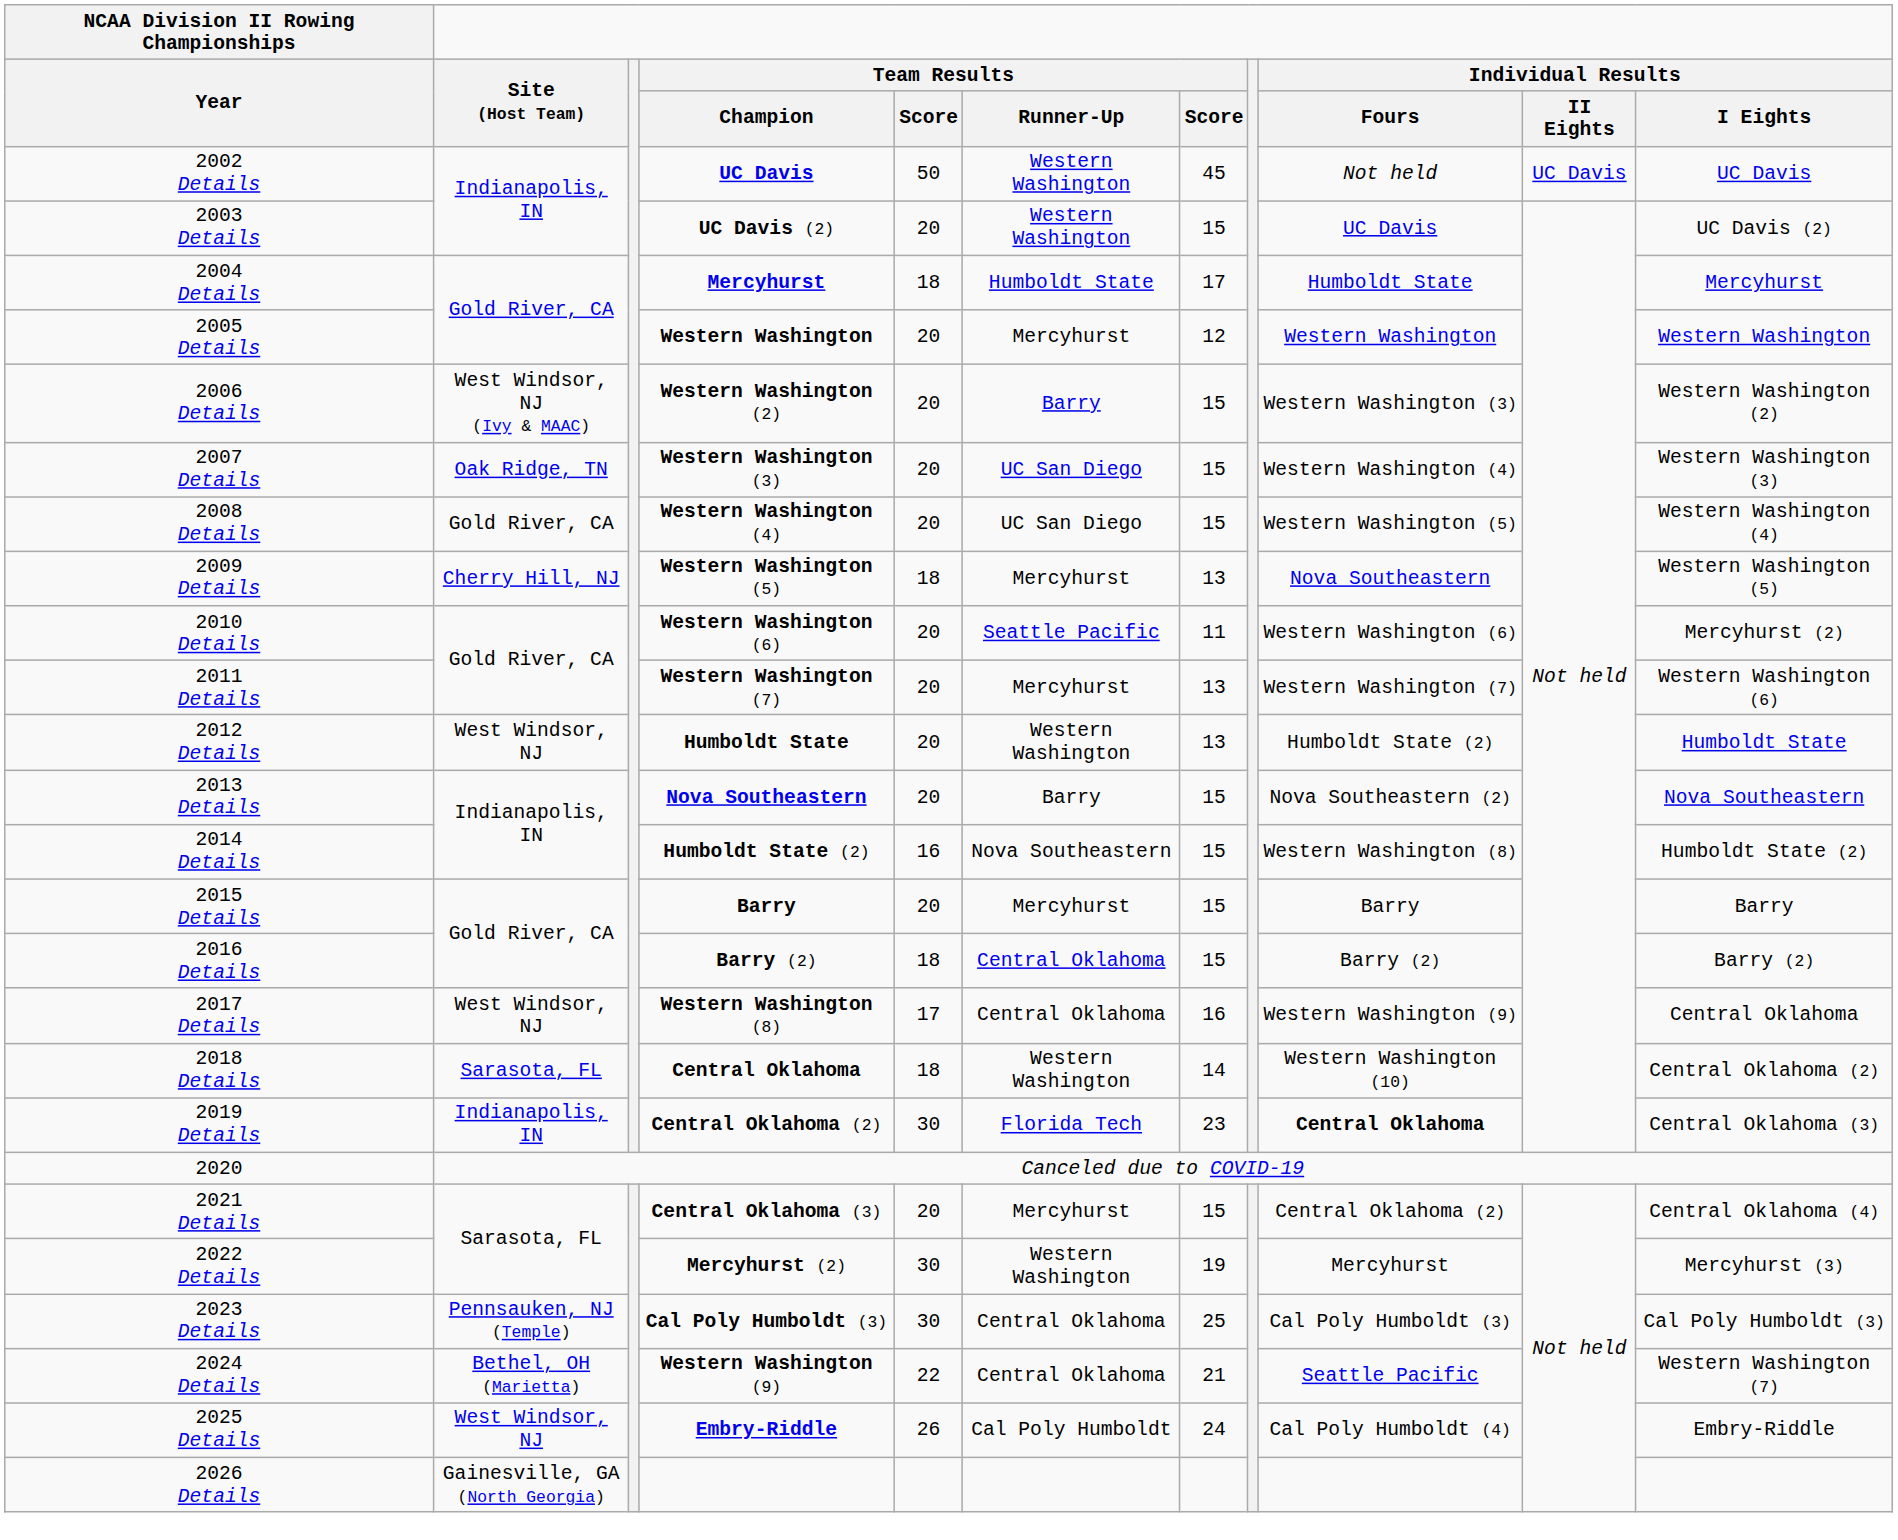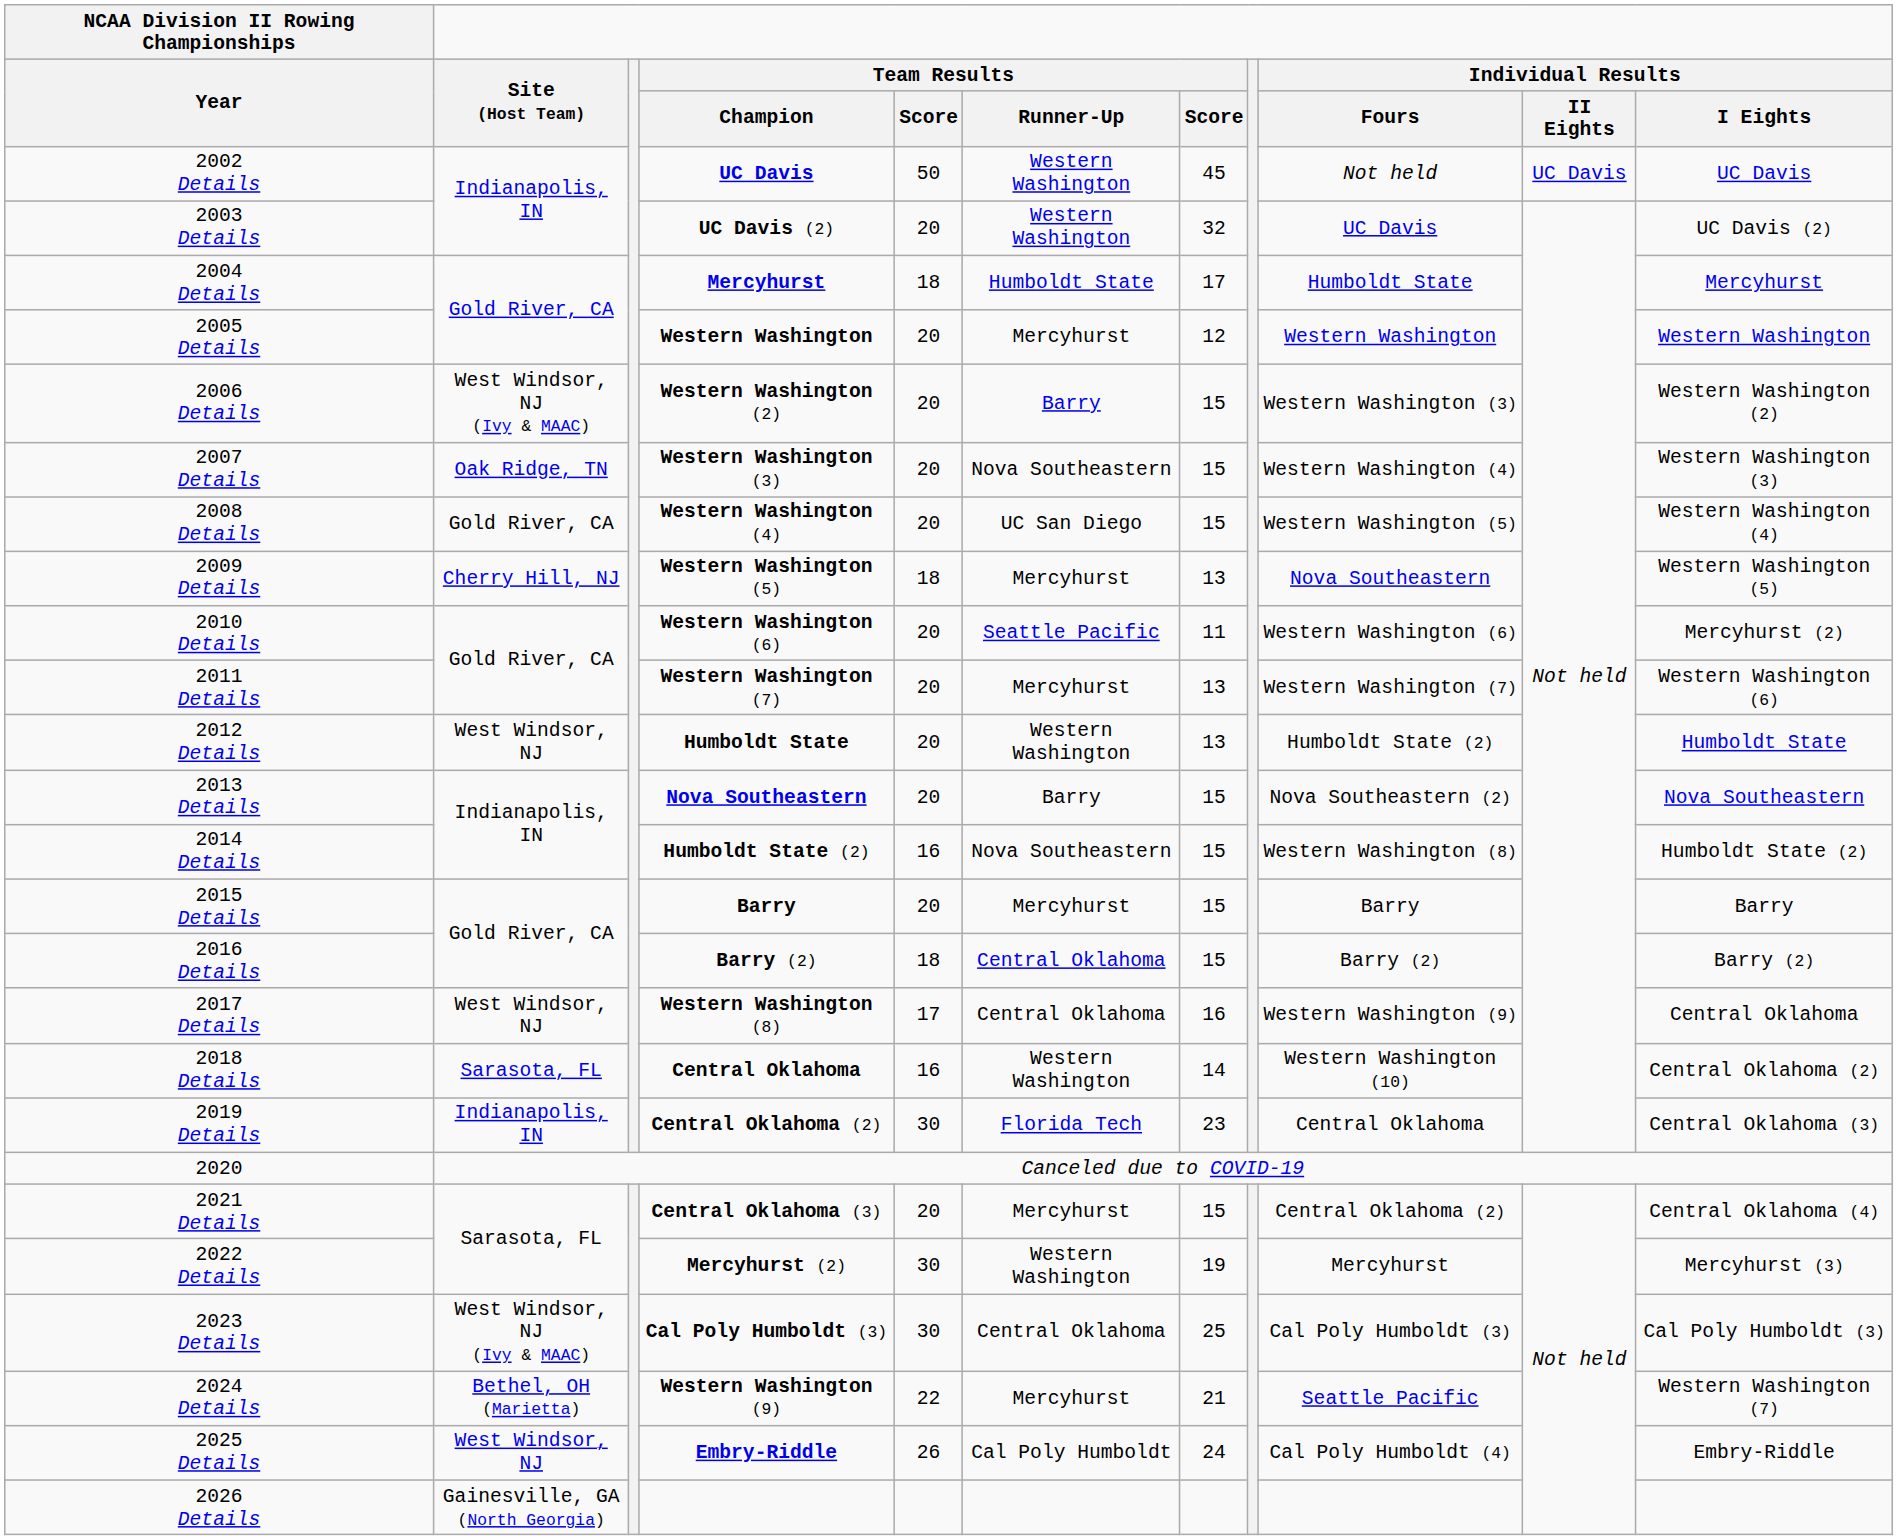 <table class="wikitable" style="text-align:center">
 <tr>
 <th style=>NCAA Division II Rowing Championships</th>
 </tr>
 <tr>
 <th rowspan="2">Year</th>
 <th rowspan="2">Site<br><small>(Host Team)</small></th>
 <th rowspan="20"></th>
 <th colspan=4>Team Results</th>
 <th rowspan="20"></th>
 <th colspan=3>Individual Results</th>
 </tr>
 <tr>
 <th>Champion</th>
 <th>Score</th>
 <th>Runner-Up</th>
 <th>Score</th>
 <th>Fours</th>
 <th>II Eights</th>
 <th>I Eights</th>
 </tr>
 <tr>
 <td>2002 <br> <em><a href='#'>Details</a></em></td>
 <td rowspan="2"><a href='#'>Indianapolis, IN</a></td>
 <td><strong><a href='#'>UC Davis</a></strong></td>
 <td align=center>50</td>
 <td><a href='#'>Western Washington</a></td>
 <td align=center>45</td>
 <td><em>Not held</em></td>
 <td><a href='#'>UC Davis</a></td>
 <td><a href='#'>UC Davis</a></td>
 </tr>
 <tr>
 <td>2003 <br> <em><a href='#'>Details</a></em></td>
 <td><strong>UC Davis</strong> <small>(2)</small></td>
 <td align=center>20</td>
 <td><a href='#'>Western Washington</a></td>
-<td align=center>15</td>
+<td align=center>32</td>
 <td><a href='#'>UC Davis</a></td>
 <td rowspan="17"><em>Not held</em></td>
 <td>UC Davis <small>(2)</small></td>
 </tr>
 <tr>
 <td>2004 <br> <em><a href='#'>Details</a></em></td>
 <td rowspan="2"><a href='#'>Gold River, CA</a></td>
 <td><strong><a href='#'>Mercyhurst</a></strong></td>
 <td align=center>18</td>
 <td><a href='#'>Humboldt State</a></td>
 <td align=center>17</td>
 <td><a href='#'>Humboldt State</a></td>
 <td><a href='#'>Mercyhurst</a></td>
 </tr>
 <tr>
 <td>2005 <br> <em><a href='#'>Details</a></em></td>
 <td><strong>Western Washington</strong></td>
 <td align=center>20</td>
 <td>Mercyhurst</td>
 <td align=center>12</td>
 <td><a href='#'>Western Washington</a></td>
 <td><a href='#'>Western Washington</a></td>
 </tr>
 <tr>
 <td>2006 <br> <em><a href='#'>Details</a></em></td>
 <td>West Windsor, NJ<br><small>(<a href='#'>Ivy</a> & <a href='#'>MAAC</a>)</small></td>
 <td><strong>Western Washington</strong> <small>(2)</small></td>
 <td align=center>20</td>
 <td><a href='#'>Barry</a></td>
 <td align=center>15</td>
 <td>Western Washington <small>(3)</small></td>
 <td>Western Washington <small>(2)</small></td>
 </tr>
 <tr>
 <td>2007 <br> <em><a href='#'>Details</a></em></td>
 <td><a href='#'>Oak Ridge, TN</a></td>
 <td><strong>Western Washington</strong> <small>(3)</small></td>
 <td align=center>20</td>
-<td><a href='#'>UC San Diego</a></td>
+<td>Nova Southeastern</td>
 <td align=center>15</td>
 <td>Western Washington <small>(4)</small></td>
 <td>Western Washington <small>(3)</small></td>
 </tr>
 <tr>
 <td>2008 <br> <em><a href='#'>Details</a></em></td>
 <td>Gold River, CA</td>
 <td><strong>Western Washington</strong> <small>(4)</small></td>
 <td align=center>20</td>
 <td>UC San Diego</td>
 <td align=center>15</td>
 <td>Western Washington <small>(5)</small></td>
 <td>Western Washington <small>(4)</small></td>
 </tr>
 <tr>
 <td>2009 <br> <em><a href='#'>Details</a></em></td>
 <td><a href='#'>Cherry Hill, NJ</a></td>
 <td><strong>Western Washington</strong> <small>(5)</small></td>
 <td align=center>18</td>
 <td>Mercyhurst</td>
 <td align=center>13</td>
 <td><a href='#'>Nova Southeastern</a></td>
 <td>Western Washington <small>(5)</small></td>
 </tr>
 <tr>
 <td>2010 <br> <em><a href='#'>Details</a></em></td>
 <td rowspan="2}">Gold River, CA</td>
 <td><strong>Western Washington</strong> <small>(6)</small></td>
 <td align=center>20</td>
 <td><a href='#'>Seattle Pacific</a></td>
 <td align=center>11</td>
 <td>Western Washington <small>(6)</small></td>
 <td>Mercyhurst <small>(2)</small></td>
 </tr>
 <tr>
 <td>2011 <br> <em><a href='#'>Details</a></em></td>
 <td><strong>Western Washington</strong> <small>(7)</small></td>
 <td align=center>20</td>
 <td>Mercyhurst</td>
 <td align=center>13</td>
 <td>Western Washington <small>(7)</small></td>
 <td>Western Washington <small>(6)</small></td>
 </tr>
 <tr>
 <td>2012 <br> <em><a href='#'>Details</a></em></td>
 <td>West Windsor, NJ</td>
 <td><strong>Humboldt State</strong></td>
 <td align=center>20</td>
 <td>Western Washington</td>
 <td align=center>13</td>
 <td>Humboldt State <small>(2)</small></td>
 <td><a href='#'>Humboldt State</a></td>
 </tr>
 <tr>
 <td>2013 <br> <em><a href='#'>Details</a></em></td>
 <td rowspan="2">Indianapolis, IN</td>
 <td><strong><a href='#'>Nova Southeastern</a></strong></td>
 <td align=center>20</td>
 <td>Barry</td>
 <td align=center>15</td>
 <td>Nova Southeastern <small>(2)</small></td>
 <td><a href='#'>Nova Southeastern</a></td>
 </tr>
 <tr>
 <td>2014 <br> <em><a href='#'>Details</a></em></td>
 <td><strong>Humboldt State</strong> <small>(2)</small></td>
 <td align=center>16</td>
 <td>Nova Southeastern</td>
 <td align=center>15</td>
 <td>Western Washington <small>(8)</small></td>
 <td>Humboldt State <small>(2)</small></td>
 </tr>
 <tr>
 <td>2015 <br> <em><a href='#'>Details</a></em></td>
 <td rowspan="2">Gold River, CA</td>
 <td><strong>Barry</strong></td>
 <td align=center>20</td>
 <td>Mercyhurst</td>
 <td align=center>15</td>
 <td>Barry</td>
 <td>Barry</td>
 </tr>
 <tr>
 <td>2016 <br> <em><a href='#'>Details</a></em></td>
 <td><strong>Barry</strong> <small>(2)</small></td>
 <td align=center>18</td>
 <td><a href='#'>Central Oklahoma</a></td>
 <td align=center>15</td>
 <td>Barry <small>(2)</small></td>
 <td>Barry <small>(2)</small></td>
 </tr>
 <tr>
 <td>2017 <br> <em><a href='#'>Details</a></em></td>
 <td>West Windsor, NJ</td>
 <td><strong>Western Washington</strong> <small>(8)</small></td>
 <td align=center>17</td>
 <td>Central Oklahoma</td>
 <td align=center>16</td>
 <td>Western Washington  <small>(9)</small></td>
 <td>Central Oklahoma</td>
 </tr>
 <tr>
 <td>2018 <br> <em><a href='#'>Details</a></em></td>
 <td><a href='#'>Sarasota, FL</a></td>
 <td><strong>Central Oklahoma</strong></td>
-<td align=center>18</td>
+<td align=center>16</td>
 <td>Western Washington</td>
 <td align=center>14</td>
 <td>Western Washington <small>(10)</small></td>
 <td>Central Oklahoma <small>(2)</small></td>
 </tr>
 <tr>
 <td>2019 <br> <em><a href='#'>Details</a></em></td>
 <td><a href='#'>Indianapolis, IN</a></td>
 <td><strong>Central Oklahoma</strong> <small>(2)</small></td>
 <td align=center>30</td>
 <td><a href='#'>Florida Tech</a></td>
 <td align=center>23</td>
-<td><strong>Central Oklahoma</strong></td>
+<td>Central Oklahoma</td>
 <td>Central Oklahoma <small>(3)</small></td>
 </tr>
 <tr>
 <td>2020</td>
 <td colspan=10 align=center><em>Canceled due to <a href='#'>COVID-19</a></em></td>
 </tr>
 <tr>
 <td>2021 <br> <em><a href='#'>Details</a></em></td>
 <td rowspan=2>Sarasota, FL</td>
 <th rowspan="6"></th>
 <td><strong>Central Oklahoma</strong> <small>(3)</small></td>
 <td>20</td>
 <td>Mercyhurst</td>
 <td>15</td>
 <th rowspan="6"></th>
 <td>Central Oklahoma <small>(2)</small></td>
 <td rowspan=6><em>Not held</em></td>
 <td>Central Oklahoma <small>(4)</small></td>
 </tr>
 <tr>
 <td>2022 <br> <em><a href='#'>Details</a></em></td>
 <td><strong>Mercyhurst</strong> <small>(2)</small></td>
 <td>30</td>
 <td>Western Washington</td>
 <td>19</td>
 <td>Mercyhurst</td>
 <td>Mercyhurst <small>(3)</small></td>
 </tr>
 <tr>
 <td>2023 <br> <em><a href='#'>Details</a></em></td>
-<td><a href='#'>Pennsauken, NJ</a><br><small>(<a href='#'>Temple</a>)</small></td>
+<td>West Windsor, NJ<br><small>(<a href='#'>Ivy</a> & <a href='#'>MAAC</a>)</small></td>
 <td><strong>Cal Poly Humboldt</strong> <small>(3)</small></td>
 <td>30</td>
 <td>Central Oklahoma</td>
 <td>25</td>
 <td>Cal Poly Humboldt <small>(3)</small></td>
 <td>Cal Poly Humboldt <small>(3)</small></td>
 </tr>
 <tr>
 <td>2024 <br> <em><a href='#'>Details</a></em></td>
 <td><a href='#'>Bethel, OH</a><br><small>(<a href='#'>Marietta</a>)</small></td>
 <td><strong>Western Washington</strong> <small>(9)</small></td>
 <td>22</td>
-<td>Central Oklahoma</td>
+<td>Mercyhurst</td>
 <td>21</td>
 <td><a href='#'>Seattle Pacific</a></td>
 <td>Western Washington <small>(7)</small></td>
 </tr>
 <tr>
 <td>2025 <br> <em><a href='#'>Details</a></em></td>
 <td><a href='#'>West Windsor, NJ</a></td>
 <td><strong><a href='#'>Embry-Riddle</a></strong></td>
 <td>26</td>
 <td>Cal Poly Humboldt</td>
 <td>24</td>
 <td>Cal Poly Humboldt <small>(4)</small></td>
 <td>Embry-Riddle</td>
 </tr>
 <tr>
 <td>2026 <br> <em><a href='#'>Details</a></em></td>
 <td>Gainesville, GA<br><small>(<a href='#'>North Georgia</a>)</small></td>
 <td></td>
 <td></td>
 <td></td>
 <td></td>
 <td></td>
 <td></td>
 </tr>
 </table>
